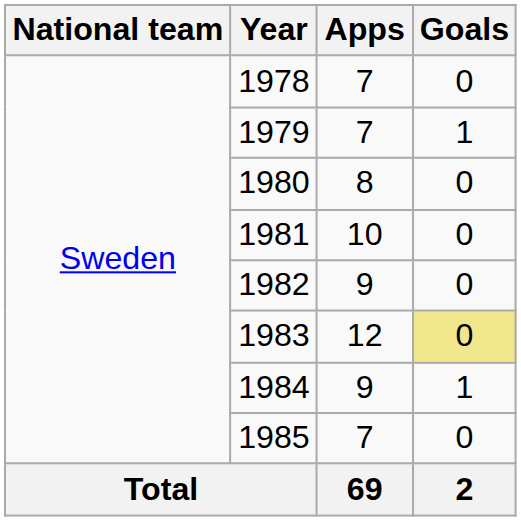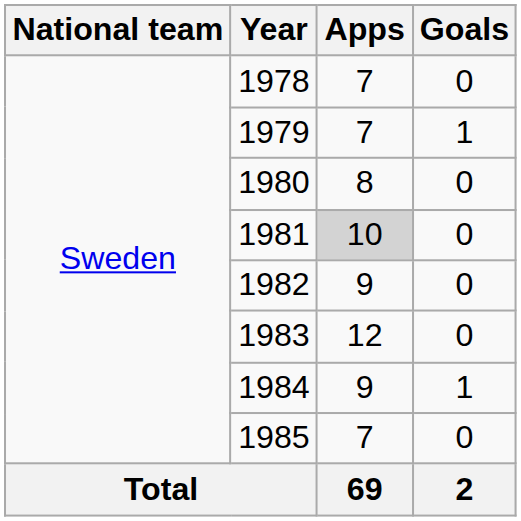 <table class="wikitable" style="text-align:center">
 <tr>
 <th>National team</th>
 <th>Year</th>
 <th>Apps</th>
 <th>Goals</th>
 </tr>
 <tr>
 <td rowspan="8"><a href='#'>Sweden</a></td>
 <td>1978</td>
 <td>7</td>
 <td>0</td>
 </tr>
 <tr>
 <td>1979</td>
 <td>7</td>
 <td>1</td>
 </tr>
 <tr>
 <td>1980</td>
 <td>8</td>
 <td>0</td>
 </tr>
 <tr>
 <td>1981</td>
-<td>10</td>
+<td style="background: lightgrey;">10</td>
 <td>0</td>
 </tr>
 <tr>
 <td>1982</td>
 <td>9</td>
 <td>0</td>
 </tr>
 <tr>
 <td>1983</td>
 <td>12</td>
-<td style="background: khaki;">0</td>
+<td>0</td>
 </tr>
 <tr>
 <td>1984</td>
 <td>9</td>
 <td>1</td>
 </tr>
 <tr>
 <td>1985</td>
 <td>7</td>
 <td>0</td>
 </tr>
 <tr>
 <th colspan="2">Total</th>
 <th>69</th>
 <th>2</th>
 </tr>
 </table>
